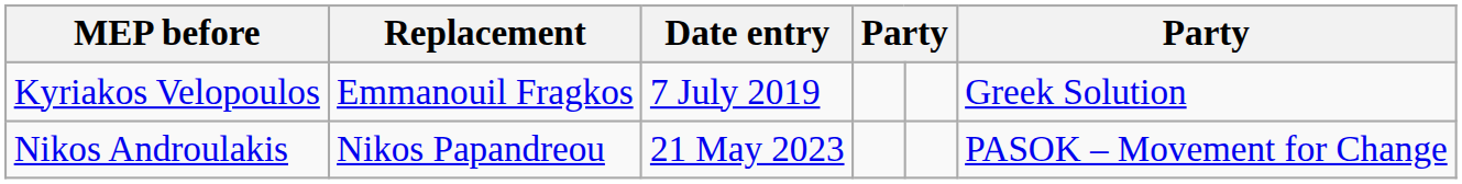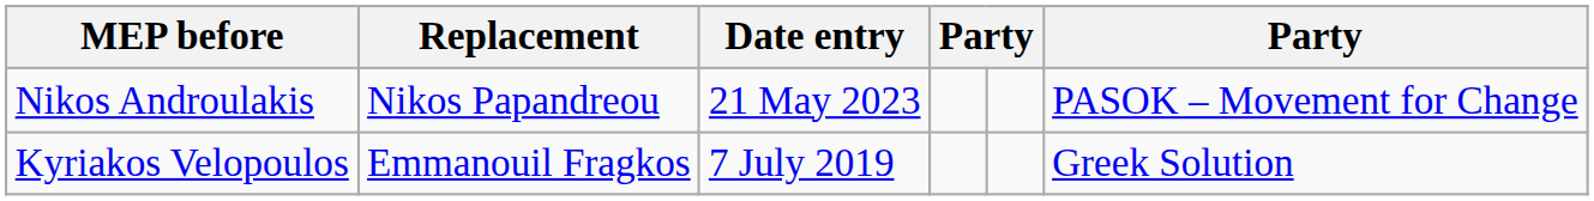 <table class="wikitable sortable">
 <tr>
 <th>MEP before</th>
 <th>Replacement</th>
 <th>Date entry</th>
 <th colspan="2">Party</th>
 <th>Party</th>
 </tr>
 <tr>
+<td><a href='#'>Nikos Androulakis</a></td>
+<td><a href='#'>Nikos Papandreou</a></td>
+<td><a href='#'>21 May 2023</a></td>
+<td style="background:"></td>
+<td><strong></strong></td>
+<td><a href='#'>PASOK – Movement for Change</a></td>
+</tr>
+<tr>
 <td><a href='#'>Kyriakos Velopoulos</a></td>
 <td><a href='#'>Emmanouil Fragkos</a></td>
 <td><a href='#'>7 July 2019</a></td>
 <td style="background:"></td>
 <td><strong></strong></td>
 <td><a href='#'>Greek Solution</a></td>
 </tr>
-<tr>
-<td><a href='#'>Nikos Androulakis</a></td>
-<td><a href='#'>Nikos Papandreou</a></td>
-<td><a href='#'>21 May 2023</a></td>
-<td style="background:"></td>
-<td><strong></strong></td>
-<td><a href='#'>PASOK – Movement for Change</a></td>
-</tr>
 </table>
